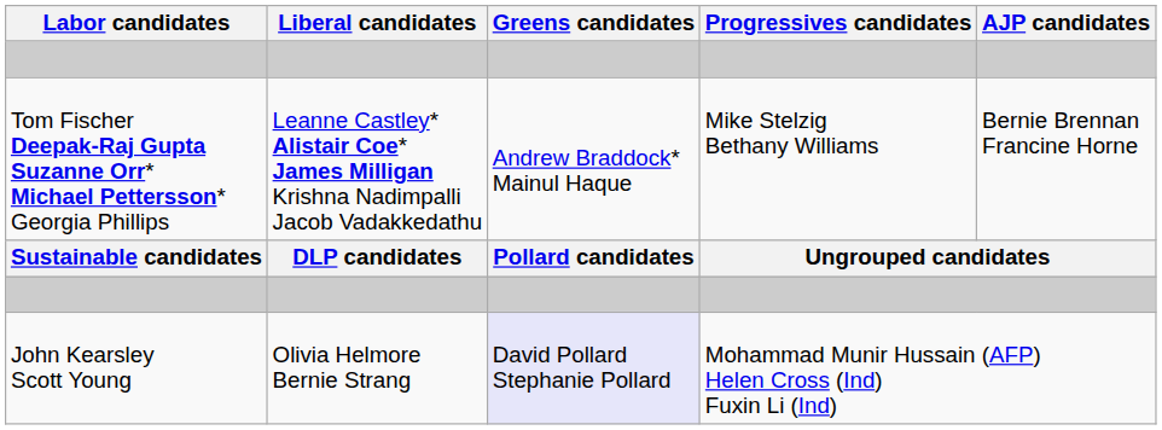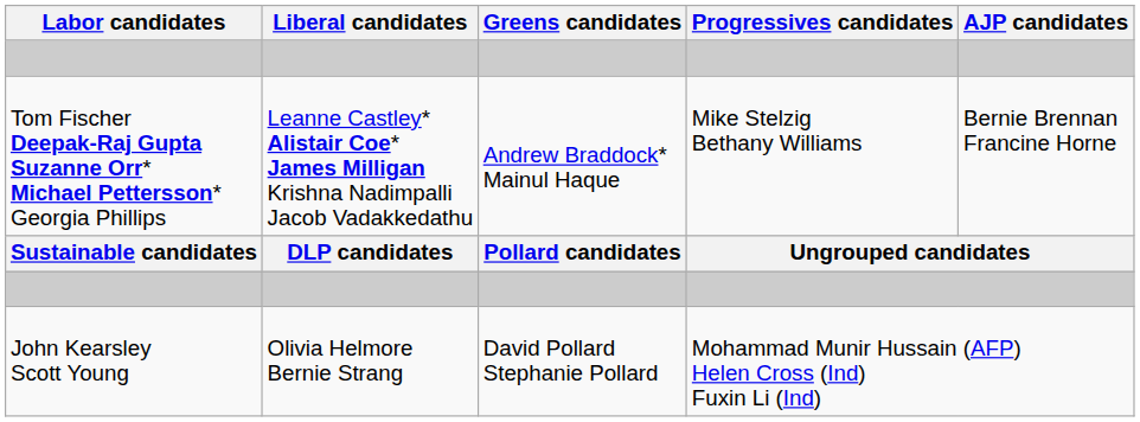 <table class="wikitable">
 <tr>
 <th><a href='#'>Labor</a> candidates</th>
 <th><a href='#'>Liberal</a> candidates</th>
 <th><a href='#'>Greens</a> candidates</th>
 <th><a href='#'>Progressives</a> candidates</th>
 <th><a href='#'>AJP</a> candidates</th>
 </tr>
 <tr bgcolor="#cccccc">
 <td></td>
 <td></td>
 <td></td>
 <td></td>
 <td> </td>
 </tr>
 <tr>
 <td><br>Tom Fischer<br> <strong><a href='#'>Deepak-Raj Gupta</a></strong><br> <strong><a href='#'>Suzanne Orr</a></strong>*<br> <strong><a href='#'>Michael Pettersson</a></strong>*<br> Georgia Phillips</td>
 <td><br><a href='#'>Leanne Castley</a>*<br> <strong><a href='#'>Alistair Coe</a></strong>*<br> <strong><a href='#'>James Milligan</a></strong><br> Krishna Nadimpalli<br> Jacob Vadakkedathu</td>
 <td><br><a href='#'>Andrew Braddock</a>*<br> Mainul Haque<br></td>
 <td valign=top><br>Mike Stelzig<br> Bethany Williams</td>
 <td valign=top><br>Bernie Brennan<br> Francine Horne</td>
 </tr>
 <tr bgcolor="#cccccc">
 <th><a href='#'>Sustainable</a> candidates</th>
 <th><a href='#'>DLP</a> candidates</th>
 <th><a href='#'>Pollard</a> candidates</th>
 <th colspan=2>Ungrouped candidates</th>
 </tr>
 <tr bgcolor="#cccccc">
 <td></td>
 <td></td>
 <td></td>
 <td colspan=2 > </td>
 </tr>
 <tr>
 <td valign=top><br>John Kearsley<br> Scott Young</td>
 <td valign=top><br>Olivia Helmore<br> Bernie Strang</td>
-<td valign=top style="background: lavender;"><br>David Pollard<br> Stephanie Pollard</td>
+<td valign=top><br>David Pollard<br> Stephanie Pollard</td>
 <td colspan=2 valign=top><br>Mohammad Munir Hussain (<a href='#'>AFP</a>)<br> <a href='#'>Helen Cross</a> (<a href='#'>Ind</a>)<br> Fuxin Li (<a href='#'>Ind</a>)</td>
 </tr>
 </table>
